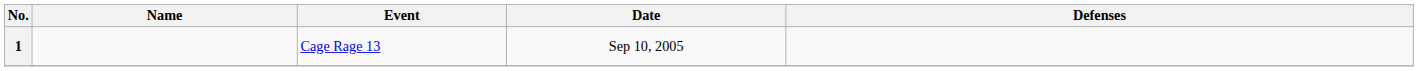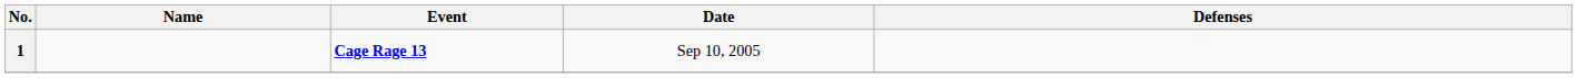 <table class="wikitable" width=100%>
 <tr>
 <th width=1%>No.</th>
 <th width=19%>Name</th>
 <th width=15%>Event</th>
 <th width=20%>Date</th>
 <th width=45%>Defenses</th>
 </tr>
 <tr>
 <th>1</th>
 <td> <br></td>
-<td><a href='#'>Cage Rage 13</a> <br></td>
+<td><strong><a href='#'>Cage Rage 13</a> <br></strong></td>
 <td align=center>Sep 10, 2005</td>
 <td><br><br> </td>
 </tr>
 <tr>
 </tr>
 </table>
